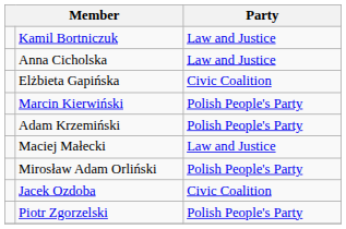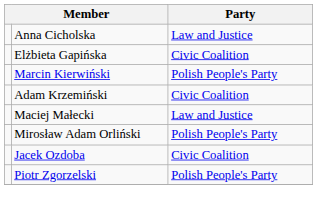 <table class="wikitable">
 <tr>
 <th width=200px colspan=2>Member</th>
 <th width=175px>Party</th>
-</tr>
-<tr>
-<td width=5px style="background-color: "></td>
-<td><a href='#'>Kamil Bortniczuk</a></td>
-<td><a href='#'>Law and Justice</a></td>
 </tr>
 <tr>
 <td style="background-color: "></td>
 <td>Anna Cicholska</td>
 <td><a href='#'>Law and Justice</a></td>
 </tr>
 <tr>
 <td style="background-color: "></td>
 <td>Elżbieta Gapińska</td>
 <td><a href='#'>Civic Coalition</a></td>
 </tr>
 <tr>
 <td style="background-color: "></td>
 <td><a href='#'>Marcin Kierwiński</a></td>
 <td><a href='#'>Polish People's Party</a></td>
 </tr>
 <tr>
 <td style="background-color: "></td>
 <td>Adam Krzemiński</td>
-<td><a href='#'>Polish People's Party</a></td>
+<td><a href='#'>Civic Coalition</a></td>
 </tr>
 <tr>
 <td style="background-color: "></td>
 <td>Maciej Małecki</td>
 <td><a href='#'>Law and Justice</a></td>
 </tr>
 <tr>
 <td style="background-color: "></td>
 <td>Mirosław Adam Orliński</td>
 <td><a href='#'>Polish People's Party</a></td>
 </tr>
 <tr>
 <td style="background-color: "></td>
 <td><a href='#'>Jacek Ozdoba</a></td>
 <td><a href='#'>Civic Coalition</a></td>
 </tr>
 <tr>
 <td style="background-color: "></td>
 <td><a href='#'>Piotr Zgorzelski</a></td>
 <td><a href='#'>Polish People's Party</a></td>
 </tr>
 <tr>
 </tr>
 </table>
